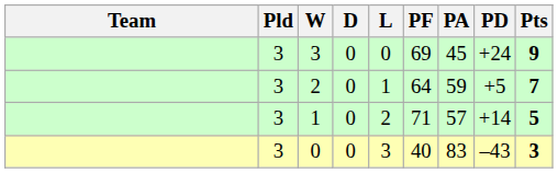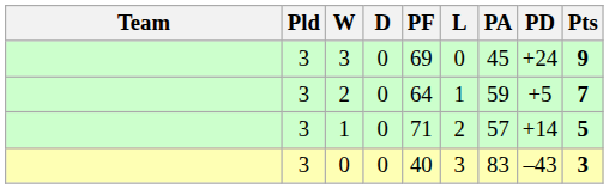 <table class="wikitable" style="text-align:center;">
 <tr>
 <th width=190>Team</th>
 <th width=20 abbr="Played">Pld</th>
 <th width=20 abbr="Won">W</th>
 <th width=20 abbr="Drawn">D</th>
+<th width=20 abbr="Points for">PF</th>
 <th width=20 abbr="Lost">L</th>
-<th width=20 abbr="Points for">PF</th>
 <th width=20 abbr="Points against">PA</th>
 <th width=25 abbr="Points difference">PD</th>
 <th width=20 abbr="Points">Pts</th>
 </tr>
 <tr style="background:#ccffcc">
 <td align=left></td>
 <td>3</td>
 <td>3</td>
 <td>0</td>
+<td>69</td>
 <td>0</td>
-<td>69</td>
 <td>45</td>
 <td>+24</td>
 <td><strong>9</strong></td>
 </tr>
 <tr style="background:#ccffcc">
 <td align=left></td>
 <td>3</td>
 <td>2</td>
 <td>0</td>
+<td>64</td>
 <td>1</td>
-<td>64</td>
 <td>59</td>
 <td>+5</td>
 <td><strong>7</strong></td>
 </tr>
 <tr style="background:#ccffcc">
 <td align=left></td>
 <td>3</td>
 <td>1</td>
 <td>0</td>
+<td>71</td>
 <td>2</td>
-<td>71</td>
 <td>57</td>
 <td>+14</td>
 <td><strong>5</strong></td>
 </tr>
 <tr style="background:#feffb4">
 <td align=left></td>
 <td>3</td>
 <td>0</td>
 <td>0</td>
+<td>40</td>
 <td>3</td>
-<td>40</td>
 <td>83</td>
 <td>–43</td>
 <td><strong>3</strong></td>
 </tr>
 </table>
